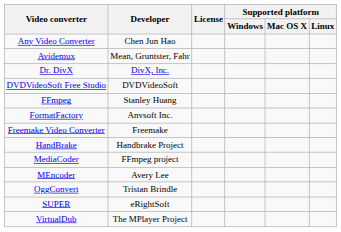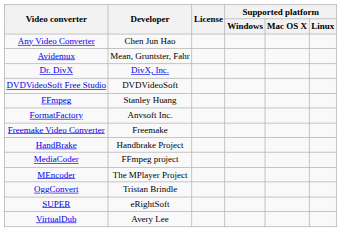 <table style="font-size: 85%; text-align: center;" class="wikitable sortable sort-under">
 <tr>
 <th rowspan=2>Video converter</th>
 <th rowspan=2>Developer</th>
 <th rowspan=2>License</th>
 <th colspan=3>Supported platform</th>
 </tr>
 <tr>
 <th>Windows</th>
 <th>Mac OS X</th>
 <th>Linux<br></th>
 </tr>
 <tr>
 <td><a href='#'>Any Video Converter</a></td>
 <td>Chen Jun Hao</td>
 <td></td>
 <td></td>
 <td></td>
 <td></td>
 </tr>
 <tr>
 <td><a href='#'>Avidemux</a></td>
 <td>Mean, Gruntster, Fahr</td>
 <td></td>
 <td></td>
 <td></td>
 <td></td>
 </tr>
 <tr>
 <td><a href='#'>Dr. DivX</a></td>
 <td><a href='#'>DivX, Inc.</a></td>
 <td></td>
 <td></td>
 <td></td>
 <td></td>
 </tr>
 <tr>
 <td><a href='#'>DVDVideoSoft Free Studio</a></td>
 <td>DVDVideoSoft</td>
 <td></td>
 <td></td>
 <td></td>
 <td></td>
 </tr>
 <tr>
 <td><a href='#'>FFmpeg</a></td>
 <td>Stanley Huang</td>
 <td></td>
 <td></td>
 <td></td>
 <td></td>
 </tr>
 <tr>
 <td><a href='#'>FormatFactory</a></td>
 <td>Anvsoft Inc.</td>
 <td></td>
 <td></td>
 <td></td>
 <td></td>
 </tr>
 <tr>
 <td><a href='#'>Freemake Video Converter</a></td>
 <td>Freemake</td>
 <td></td>
 <td></td>
 <td></td>
 <td></td>
 </tr>
 <tr>
 <td><a href='#'>HandBrake</a></td>
 <td>Handbrake Project</td>
 <td></td>
 <td></td>
 <td></td>
 <td></td>
 </tr>
 <tr>
 <td><a href='#'>MediaCoder</a></td>
 <td>FFmpeg project</td>
 <td></td>
 <td></td>
 <td></td>
 <td></td>
 </tr>
 <tr>
 <td><a href='#'>MEncoder</a></td>
-<td>Avery Lee</td>
+<td>The MPlayer Project</td>
 <td></td>
 <td></td>
 <td></td>
 <td></td>
 </tr>
 <tr>
 <td><a href='#'>OggConvert</a></td>
 <td>Tristan Brindle</td>
 <td></td>
 <td></td>
 <td></td>
 <td></td>
 </tr>
 <tr>
 <td><a href='#'>SUPER</a></td>
 <td>eRightSoft</td>
 <td></td>
 <td></td>
 <td></td>
 <td></td>
 </tr>
 <tr>
 <td><a href='#'>VirtualDub</a></td>
-<td>The MPlayer Project</td>
+<td>Avery Lee</td>
 <td></td>
 <td></td>
 <td></td>
 <td></td>
 </tr>
 </table>
